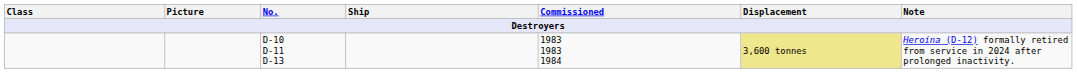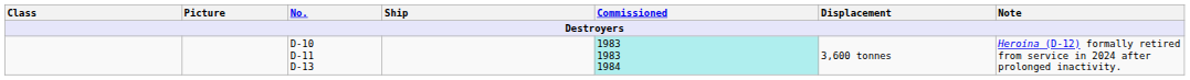 <table class="wikitable">
 <tr>
 <th style="text-align:left; width:15%;">Class</th>
 <th style="text-align:left; width:9%;">Picture</th>
 <th style="text-align:left; width:8%;"><a href='#'>No.</a></th>
 <th style="text-align:left; width:18%;">Ship</th>
 <th style="text-align:left; width:19%;"><a href='#'>Commissioned</a></th>
 <th style="text-align:left; width:15%;">Displacement</th>
 <th style="text-align:left; width:20%;">Note</th>
 </tr>
 <tr>
 <th colspan="7" style="background: lavender;">Destroyers</th>
 </tr>
 <tr>
 <td> </td>
 <td></td>
 <td>D-10<br>D-11<br>D-13</td>
 <td><br><br></td>
-<td>1983<br>1983<br>1984</td>
-<td style="background: khaki;">3,600 tonnes</td>
+<td style="background: paleturquoise;">1983<br>1983<br>1984</td>
+<td>3,600 tonnes</td>
 <td><a href='#'><em>Heroína</em> (D-12)</a> formally retired from service in 2024 after prolonged inactivity.</td>
 </tr>
 </table>
